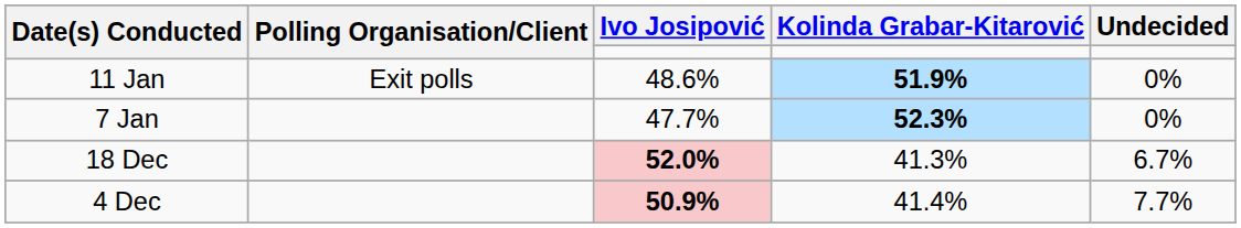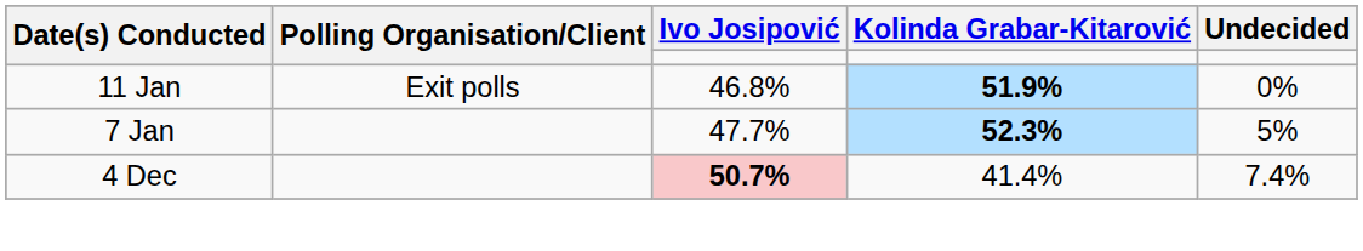 <table class="wikitable" style="text-align:center;font-size:85%;">
 <tr>
 <th rowspan=2><strong>Date(s) Conducted</strong></th>
 <th rowspan=2><strong>Polling Organisation/Client</strong></th>
 <th><a href='#'>Ivo Josipović</a></th>
 <th><a href='#'>Kolinda Grabar-Kitarović</a></th>
 <th>Undecided</th>
 </tr>
 <tr>
 <td style="background: "></td>
 <td style="background: "></td>
 <td style="background: none"></td>
 </tr>
 <tr>
 <td>11 Jan</td>
 <td>Exit polls</td>
-<td>48.6%</td>
+<td>46.8%</td>
 <td style="background:#B3E0FF"><strong>51.9%</strong></td>
 <td>0%</td>
 </tr>
 <tr>
 <td>7 Jan</td>
 <td></td>
 <td>47.7%</td>
 <td style="background:#B3E0FF"><strong>52.3%</strong></td>
-<td>0%</td>
-</tr>
-<tr>
-<td>18 Dec</td>
-<td></td>
-<td style="background: #F9C8CA"><strong>52.0%</strong></td>
-<td>41.3%</td>
-<td>6.7%</td>
+<td>5%</td>
 </tr>
 <tr>
 <td>4 Dec</td>
 <td></td>
-<td style="background: #F9C8CA"><strong>50.9%</strong></td>
+<td style="background: #F9C8CA"><strong>50.7%</strong></td>
 <td>41.4%</td>
-<td>7.7%</td>
+<td>7.4%</td>
 </tr>
 </table>
